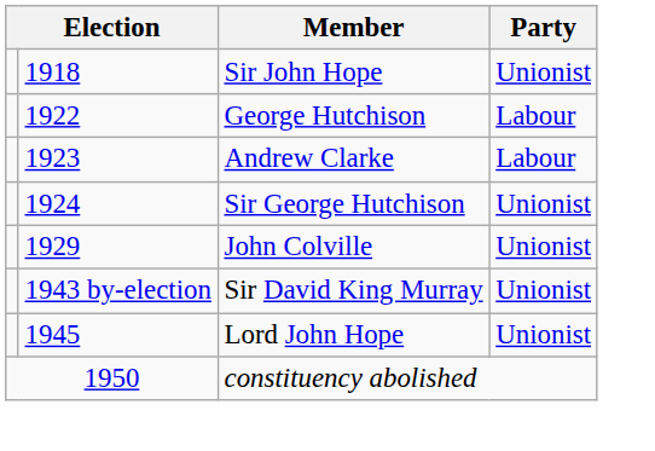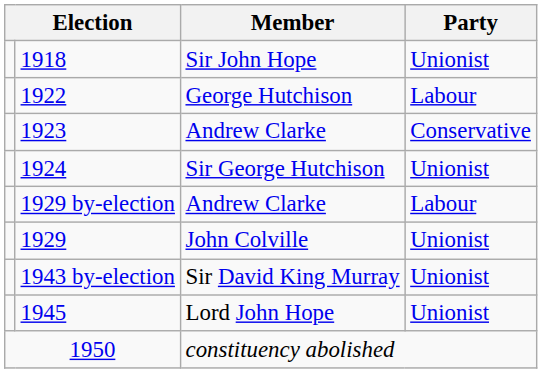 <table class="wikitable">
 <tr>
 <th colspan="2">Election</th>
 <th>Member</th>
 <th>Party</th>
 </tr>
 <tr>
 <td style="color:inherit;background-color: "></td>
 <td><a href='#'>1918</a></td>
 <td><a href='#'>Sir John Hope</a></td>
 <td><a href='#'>Unionist</a></td>
 </tr>
 <tr>
 <td style="color:inherit;background-color: "></td>
 <td><a href='#'>1922</a></td>
 <td><a href='#'>George Hutchison</a></td>
 <td><a href='#'>Labour</a></td>
 </tr>
 <tr>
 <td style="color:inherit;background-color: "></td>
 <td><a href='#'>1923</a></td>
 <td><a href='#'>Andrew Clarke</a></td>
-<td><a href='#'>Labour</a></td>
+<td><a href='#'>Conservative</a></td>
 </tr>
 <tr>
 <td style="color:inherit;background-color: "></td>
 <td><a href='#'>1924</a></td>
 <td><a href='#'>Sir George Hutchison</a></td>
 <td><a href='#'>Unionist</a></td>
+</tr>
+<tr>
+<td style="color:inherit;background-color: "></td>
+<td><a href='#'>1929 by-election</a></td>
+<td><a href='#'>Andrew Clarke</a></td>
+<td><a href='#'>Labour</a></td>
 </tr>
 <tr>
 <td style="color:inherit;background-color: "></td>
 <td><a href='#'>1929</a></td>
 <td><a href='#'>John Colville</a></td>
 <td><a href='#'>Unionist</a></td>
 </tr>
 <tr>
 <td style="color:inherit;background-color: "></td>
 <td><a href='#'>1943 by-election</a></td>
 <td>Sir <a href='#'>David King Murray</a></td>
 <td><a href='#'>Unionist</a></td>
 </tr>
 <tr>
 <td style="color:inherit;background-color: "></td>
 <td><a href='#'>1945</a></td>
 <td>Lord <a href='#'>John Hope</a></td>
 <td><a href='#'>Unionist</a></td>
 </tr>
 <tr>
 <td colspan="2" align="center"><a href='#'>1950</a></td>
 <td colspan="2"><em>constituency abolished</em></td>
 </tr>
 </table>
